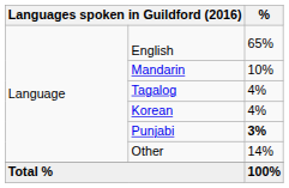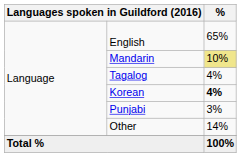 <table class="wikitable">
 <tr>
 <th colspan=2>Languages spoken in Guildford (2016)</th>
 <th>%</th>
 </tr>
 <tr>
 <td rowspan=6>Language</td>
 <td><br>English</td>
 <td>65%</td>
 </tr>
 <tr>
 <td><a href='#'>Mandarin</a></td>
-<td>10%</td>
+<td style="background: khaki;">10%</td>
 </tr>
 <tr>
 <td><a href='#'>Tagalog</a></td>
 <td>4%</td>
 </tr>
 <tr>
 <td><a href='#'>Korean</a></td>
-<td>4%</td>
+<td><strong>4%</strong></td>
 </tr>
 <tr>
 <td><a href='#'>Punjabi</a></td>
-<td><strong>3%</strong></td>
+<td>3%</td>
 </tr>
 <tr>
 <td>Other</td>
 <td>14%</td>
 </tr>
 <tr>
 </tr>
 <tr style="background:#efefef; font-weight:bold">
 <td colspan=2>Total %</td>
 <td>100%</td>
 </tr>
 </table>
